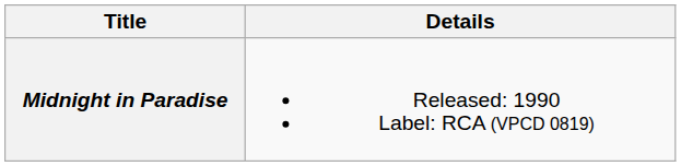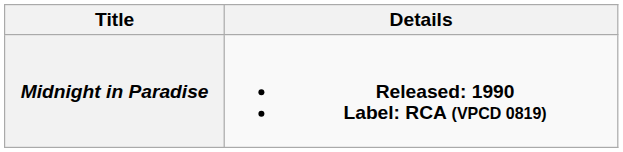 <table class="wikitable plainrowheaders" style="text-align:center;" border="1">
 <tr>
 <th scope="col" style="width:11em;">Title</th>
 <th scope="col" style="width:20em;">Details</th>
 </tr>
 <tr>
 <th scope="row"><em>Midnight in Paradise</em></th>
-<td><br><ul><li>Released: 1990</li><li>Label: RCA <small>(VPCD 0819)</small></li></ul></td>
+<td><strong><br><ul><li>Released: 1990</li><li>Label: RCA <small>(VPCD 0819)</small></li></ul></strong></td>
 </tr>
 </table>
